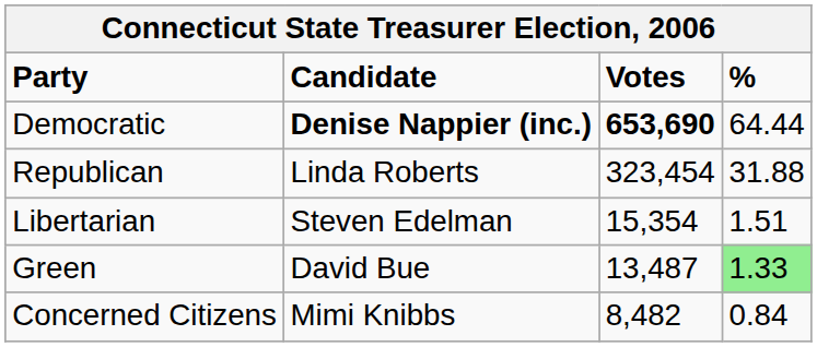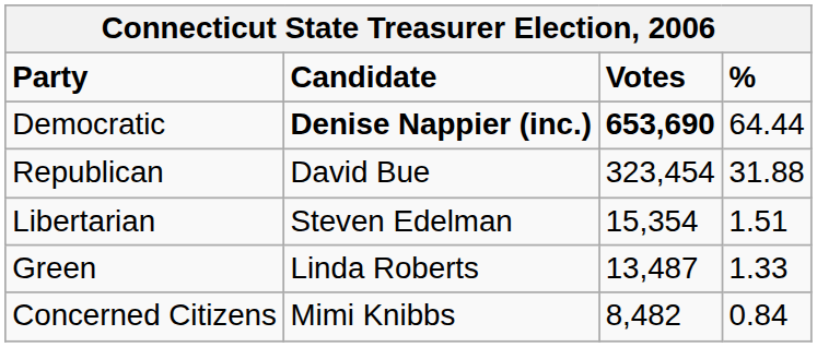 <table class="wikitable">
 <tr>
 <th colspan="4">Connecticut State Treasurer Election, 2006</th>
 </tr>
 <tr>
 <td><strong>Party</strong></td>
 <td><strong>Candidate</strong></td>
 <td><strong>Votes</strong></td>
 <td><strong>%</strong></td>
 </tr>
 <tr>
 <td>Democratic</td>
 <td><strong>Denise Nappier (inc.)</strong></td>
 <td><strong>653,690</strong></td>
 <td>64.44</td>
 </tr>
 <tr>
 <td>Republican</td>
-<td>Linda Roberts</td>
+<td>David Bue</td>
 <td>323,454</td>
 <td>31.88</td>
 </tr>
 <tr>
 <td>Libertarian</td>
 <td>Steven Edelman</td>
 <td>15,354</td>
 <td>1.51</td>
 </tr>
 <tr>
 <td>Green</td>
-<td>David Bue</td>
+<td>Linda Roberts</td>
 <td>13,487</td>
-<td style="background: lightgreen;">1.33</td>
+<td>1.33</td>
 </tr>
 <tr>
 <td>Concerned Citizens</td>
 <td>Mimi Knibbs</td>
 <td>8,482</td>
 <td>0.84</td>
 </tr>
 </table>
